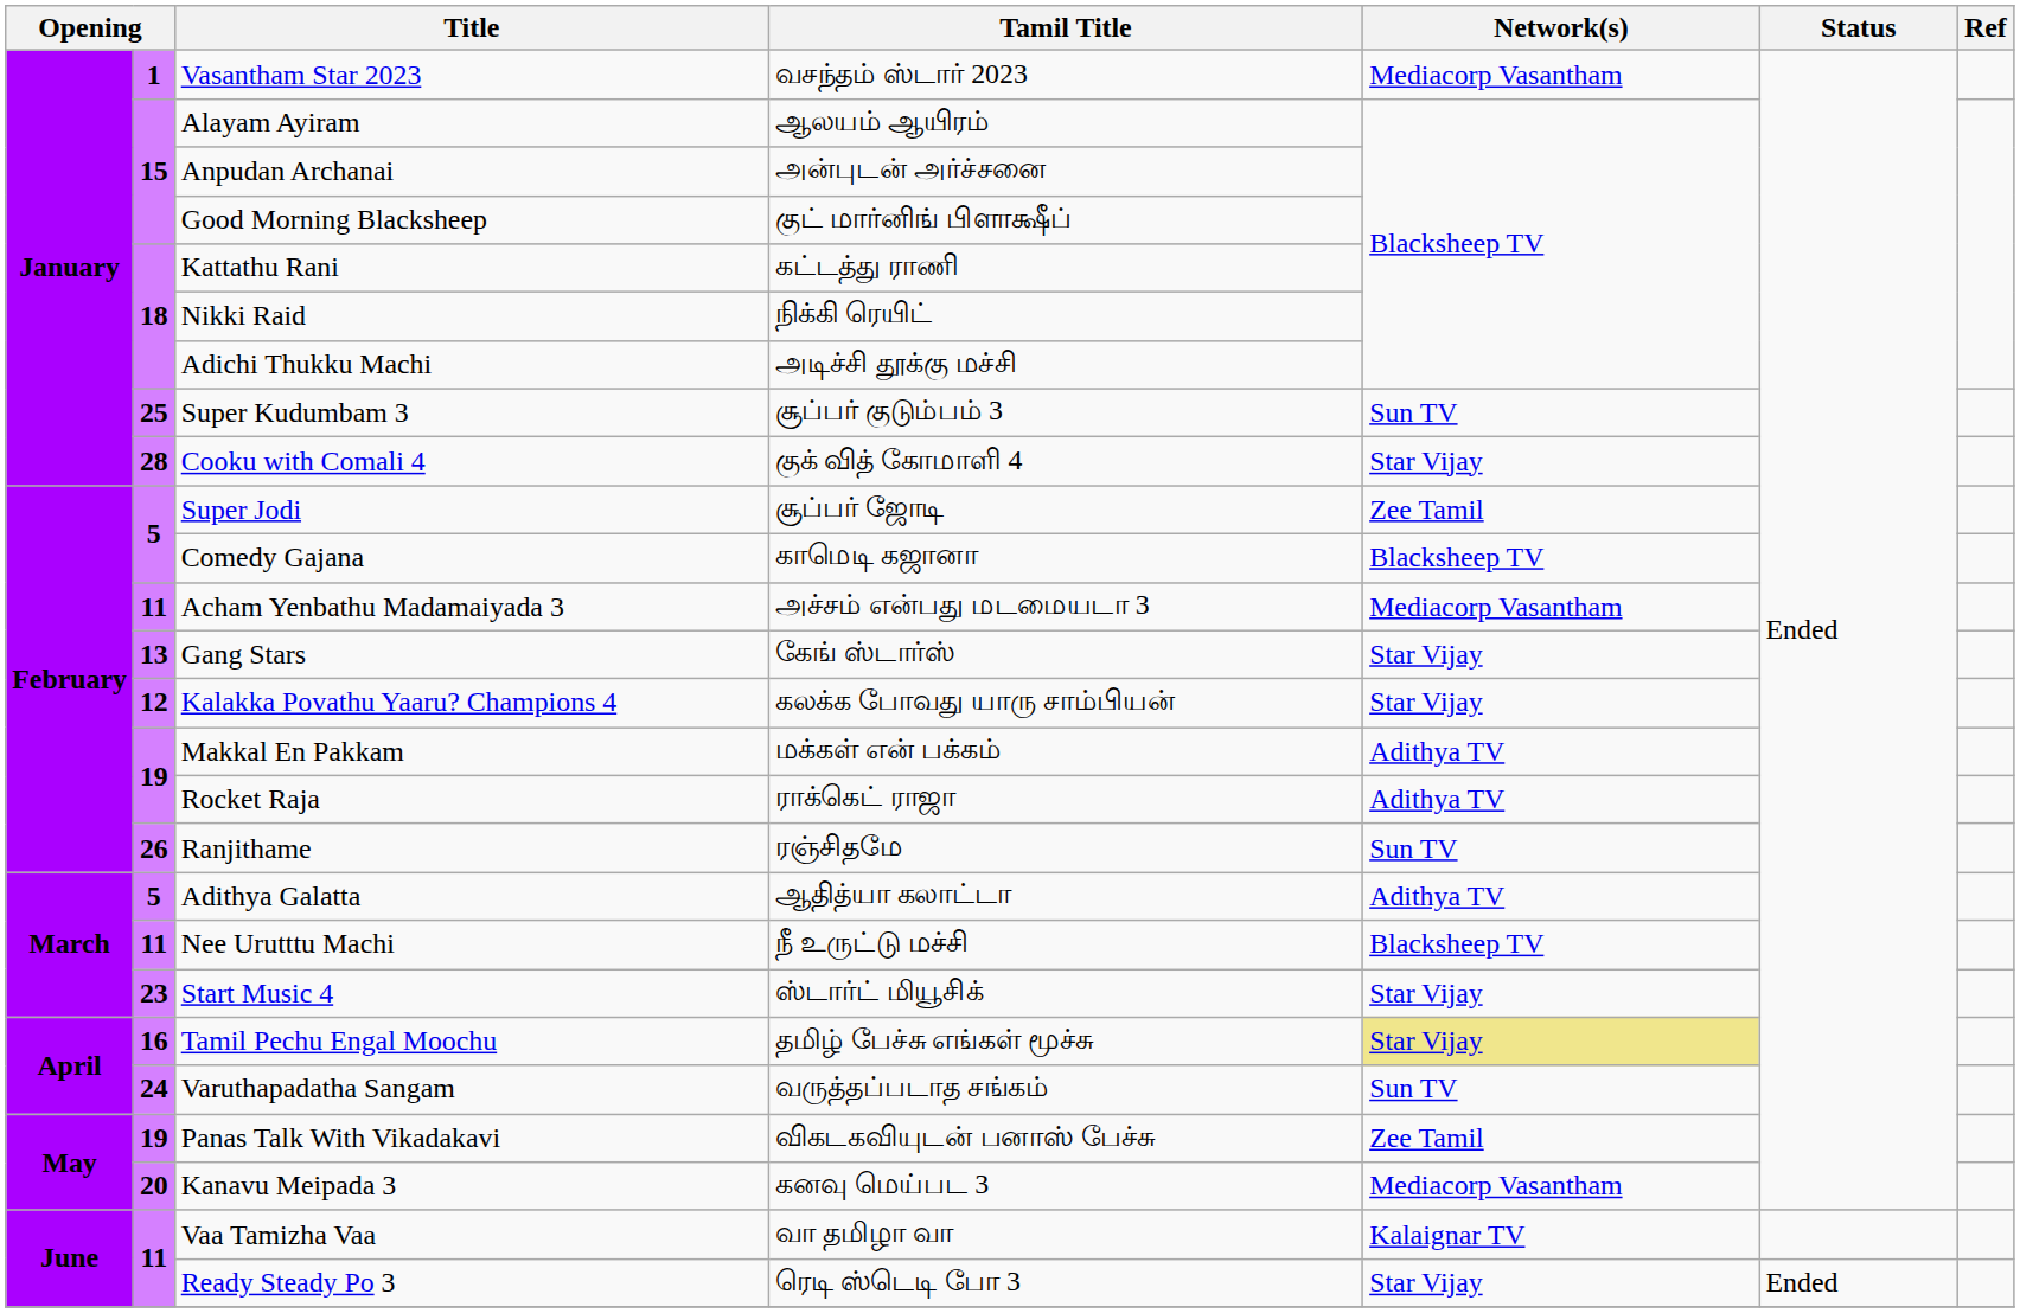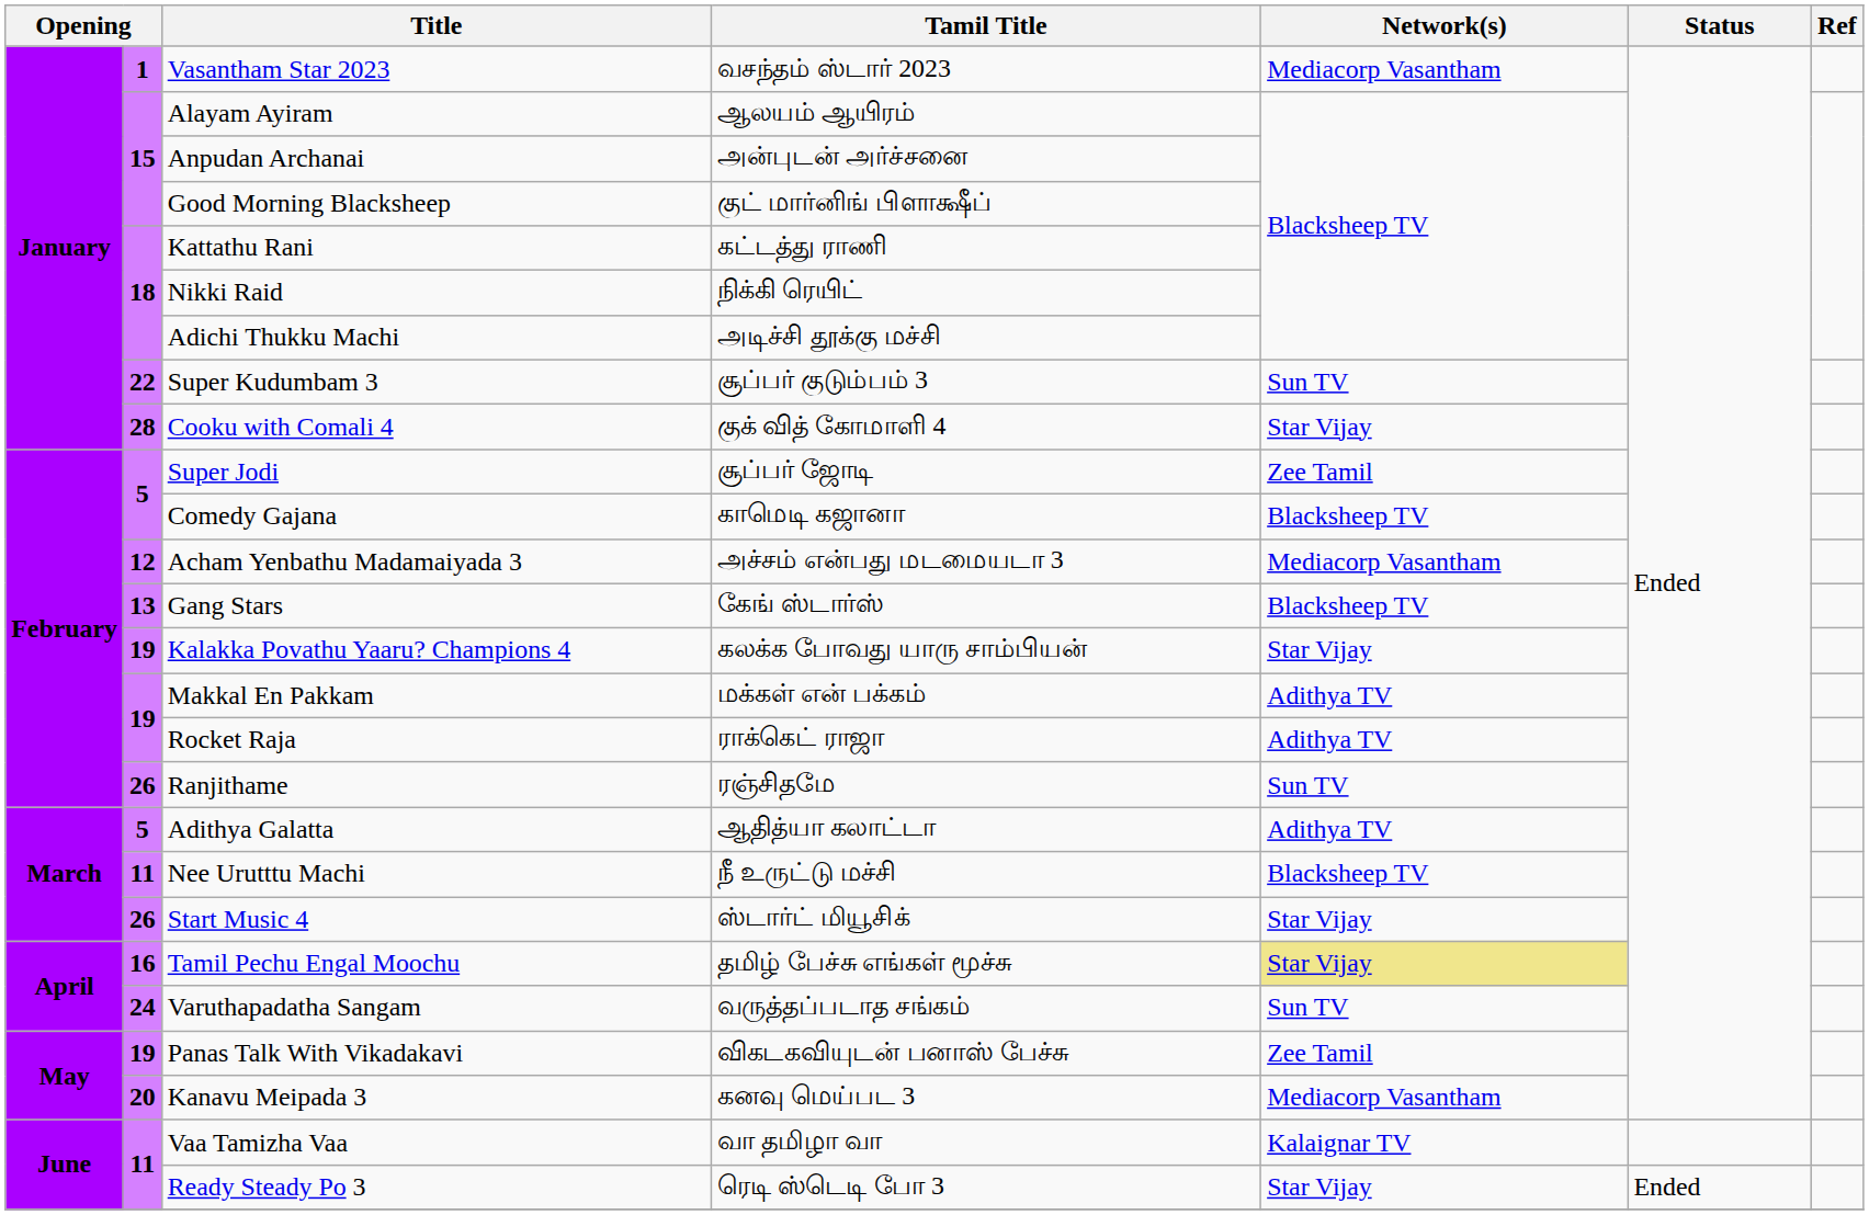 <table class="wikitable" width="90%">
 <tr>
 <th colspan="2">Opening</th>
 <th style="width:30%;">Title</th>
 <th style="width:30%;">Tamil Title</th>
 <th style="width:20%;">Network(s)</th>
 <th style="width:10%;">Status</th>
 <th>Ref</th>
 </tr>
 <tr>
 <td rowspan="9" style="text-align:center; background:#a0f; textcolor:#d580ff;"><strong>January</strong></td>
 <td rowspan="1" style="text-align:center; background:#d580ff"><strong>1</strong></td>
 <td><a href='#'>Vasantham Star 2023</a></td>
 <td>வசந்தம் ஸ்டார் 2023</td>
 <td><a href='#'>Mediacorp Vasantham</a></td>
 <td rowspan="24">Ended</td>
 <td></td>
 </tr>
 <tr>
 <td rowspan="3" style="text-align:center; background:#d580ff"><strong>15</strong></td>
 <td>Alayam Ayiram</td>
 <td>ஆலயம் ஆயிரம்</td>
 <td rowspan="6"><a href='#'>Blacksheep TV</a></td>
 </tr>
 <tr>
 <td>Anpudan Archanai</td>
 <td>அன்புடன் அர்ச்சனை</td>
 </tr>
 <tr>
 <td>Good Morning Blacksheep</td>
 <td>குட் மார்னிங் பிளாக்ஷீப்</td>
 </tr>
 <tr>
 <td rowspan="3" style="text-align:center; background:#d580ff"><strong>18</strong></td>
 <td>Kattathu Rani</td>
 <td>கட்டத்து ராணி</td>
 </tr>
 <tr>
 <td>Nikki Raid</td>
 <td>நிக்கி ரெயிட்</td>
 </tr>
 <tr>
 <td>Adichi Thukku Machi</td>
 <td>அடிச்சி தூக்கு மச்சி</td>
 </tr>
 <tr>
-<td rowspan="1" style="text-align:center; background:#d580ff"><strong>25</strong></td>
+<td rowspan="1" style="text-align:center; background:#d580ff"><strong>22</strong></td>
 <td>Super Kudumbam 3</td>
 <td>சூப்பர் குடும்பம் 3</td>
 <td><a href='#'>Sun TV</a></td>
 <td></td>
 </tr>
 <tr>
 <td rowspan="1" style="text-align:center; background:#d580ff"><strong>28</strong></td>
 <td><a href='#'>Cooku with Comali 4</a></td>
 <td>குக் வித் கோமாளி 4</td>
 <td><a href='#'>Star Vijay</a></td>
 <td></td>
 </tr>
 <tr>
 <td rowspan="8" style="text-align:center; background:#a0f; textcolor:#d580ff;"><strong>February</strong></td>
 <td rowspan="2" style="text-align:center; background:#d580ff"><strong>5</strong></td>
 <td><a href='#'>Super Jodi</a></td>
 <td>சூப்பர் ஜோடி</td>
 <td><a href='#'>Zee Tamil</a></td>
 <td></td>
 </tr>
 <tr>
 <td>Comedy Gajana</td>
 <td>காமெடி கஜானா</td>
 <td><a href='#'>Blacksheep TV</a></td>
 <td></td>
 </tr>
 <tr>
-<td style="text-align:center; background:#d580ff"><strong>11</strong></td>
+<td style="text-align:center; background:#d580ff"><strong>12</strong></td>
 <td>Acham Yenbathu Madamaiyada 3</td>
 <td>அச்சம் என்பது மடமையடா 3</td>
 <td><a href='#'>Mediacorp Vasantham</a></td>
 <td></td>
 </tr>
 <tr>
 <td style="text-align:center; background:#d580ff"><strong>13</strong></td>
 <td>Gang Stars</td>
 <td>கேங் ஸ்டார்ஸ்</td>
-<td><a href='#'>Star Vijay</a></td>
+<td><a href='#'>Blacksheep TV</a></td>
 <td></td>
 </tr>
 <tr>
-<td style="text-align:center; background:#d580ff"><strong>12</strong></td>
+<td style="text-align:center; background:#d580ff"><strong>19</strong></td>
 <td><a href='#'>Kalakka Povathu Yaaru? Champions 4</a></td>
 <td>கலக்க போவது யாரு சாம்பியன்</td>
 <td><a href='#'>Star Vijay</a></td>
 <td></td>
 </tr>
 <tr>
 <td rowspan="2"  style="text-align:center; background:#d580ff"><strong>19</strong></td>
 <td>Makkal En Pakkam</td>
 <td>மக்கள் என் பக்கம்</td>
 <td><a href='#'>Adithya TV</a></td>
 <td></td>
 </tr>
 <tr>
 <td>Rocket Raja</td>
 <td>ராக்கெட் ராஜா</td>
 <td><a href='#'>Adithya TV</a></td>
 <td></td>
 </tr>
 <tr>
 <td style="text-align:center; background:#d580ff"><strong>26</strong></td>
 <td>Ranjithame</td>
 <td>ரஞ்சிதமே</td>
 <td><a href='#'>Sun TV</a></td>
 <td></td>
 </tr>
 <tr>
 <td rowspan="3" style="text-align:center; background:#a0f; textcolor:#d580ff;"><strong>March</strong></td>
 <td style="text-align:center; background:#d580ff"><strong>5</strong></td>
 <td>Adithya Galatta</td>
 <td>ஆதித்யா கலாட்டா</td>
 <td><a href='#'>Adithya TV</a></td>
 <td></td>
 </tr>
 <tr>
 <td style="text-align:center; background:#d580ff"><strong>11</strong></td>
 <td>Nee Urutttu Machi</td>
 <td>நீ உருட்டு மச்சி</td>
 <td><a href='#'>Blacksheep TV</a></td>
 <td></td>
 </tr>
 <tr>
-<td rowspan="1" style="text-align:center; background:#d580ff"><strong>23</strong></td>
+<td rowspan="1" style="text-align:center; background:#d580ff"><strong>26</strong></td>
 <td><a href='#'>Start Music 4</a></td>
 <td>ஸ்டார்ட் மியூசிக்</td>
 <td><a href='#'>Star Vijay</a></td>
 <td></td>
 </tr>
 <tr>
 <td rowspan="2" style="text-align:center; background:#a0f; textcolor:#d580ff;"><strong>April</strong></td>
 <td rowspan="1" style="text-align:center; background:#d580ff"><strong>16</strong></td>
 <td><a href='#'>Tamil Pechu Engal Moochu</a></td>
 <td>தமிழ் பேச்சு எங்கள் மூச்சு</td>
 <td style="background: khaki;"><a href='#'>Star Vijay</a></td>
 <td></td>
 </tr>
 <tr>
 <td rowspan="1" style="text-align:center; background:#d580ff"><strong>24</strong></td>
 <td>Varuthapadatha Sangam</td>
 <td>வருத்தப்படாத சங்கம்</td>
 <td><a href='#'>Sun TV</a></td>
 <td></td>
 </tr>
 <tr>
 <td rowspan="2" style="text-align:center; background:#a0f; textcolor:#d580ff;"><strong>May</strong></td>
 <td rowspan="1" style="text-align:center; background:#d580ff"><strong>19</strong></td>
 <td>Panas Talk With Vikadakavi</td>
 <td>விகடகவியுடன் பனாஸ் பேச்சு</td>
 <td><a href='#'>Zee Tamil</a></td>
 <td></td>
 </tr>
 <tr>
 <td rowspan="1" style="text-align:center; background:#d580ff"><strong>20</strong></td>
 <td>Kanavu Meipada 3</td>
 <td>கனவு மெய்பட 3</td>
 <td><a href='#'>Mediacorp Vasantham</a></td>
 <td></td>
 </tr>
 <tr>
 <td rowspan="2" style="text-align:center; background:#a0f; textcolor:#d580ff;"><strong>June</strong></td>
 <td rowspan="2" style="text-align:center; background:#d580ff"><strong>11</strong></td>
 <td>Vaa Tamizha Vaa</td>
 <td>வா தமிழா வா</td>
 <td><a href='#'>Kalaignar TV</a></td>
 <td></td>
 <td></td>
 </tr>
 <tr>
 <td><a href='#'>Ready Steady Po</a> 3</td>
 <td>ரெடி ஸ்டெடி போ 3</td>
 <td><a href='#'>Star Vijay</a></td>
 <td>Ended</td>
 <td></td>
 </tr>
 <tr>
 </tr>
 </table>
